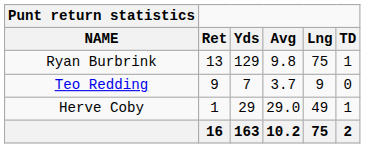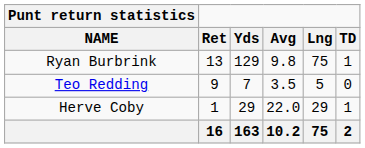 <table class="wikitable" style="text-align:center;">
 <tr>
 <th style="text-align:center; ">Punt return statistics</th>
 </tr>
 <tr>
 <th>NAME</th>
 <th>Ret</th>
 <th>Yds</th>
 <th>Avg</th>
 <th>Lng</th>
 <th>TD</th>
 </tr>
 <tr>
 <td>Ryan Burbrink</td>
 <td>13</td>
 <td>129</td>
 <td>9.8</td>
 <td>75</td>
 <td>1</td>
 </tr>
 <tr>
 <td><a href='#'>Teo Redding</a></td>
 <td>9</td>
 <td>7</td>
-<td>3.7</td>
-<td>9</td>
+<td>3.5</td>
+<td>5</td>
 <td>0</td>
 </tr>
 <tr>
 <td>Herve Coby</td>
 <td>1</td>
 <td>29</td>
-<td>29.0</td>
-<td>49</td>
+<td>22.0</td>
+<td>29</td>
 <td>1</td>
 </tr>
 <tr>
 <th colspan="1"></th>
 <th>16</th>
 <th>163</th>
 <th>10.2</th>
 <th>75</th>
 <th>2</th>
 </tr>
 </table>
